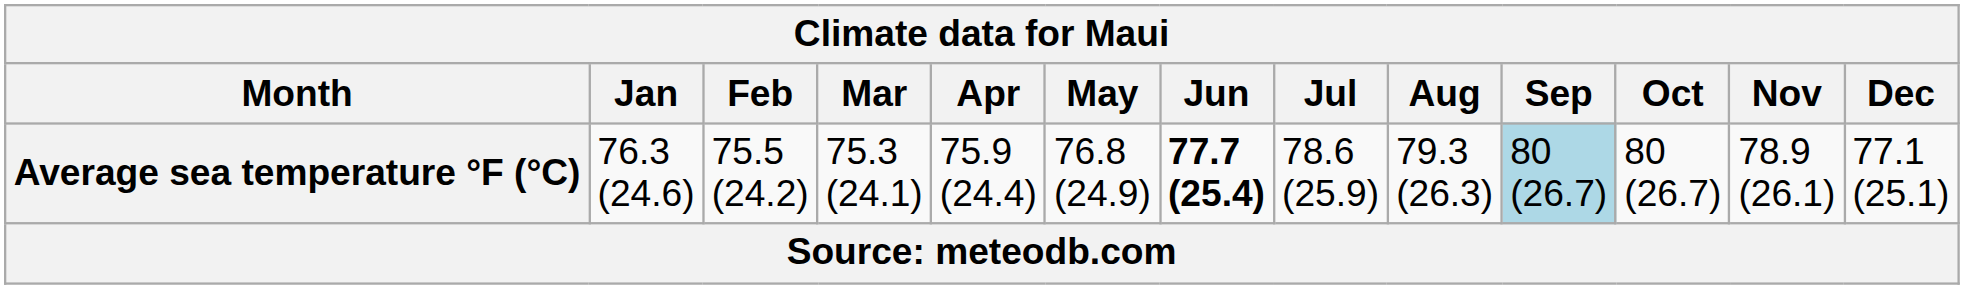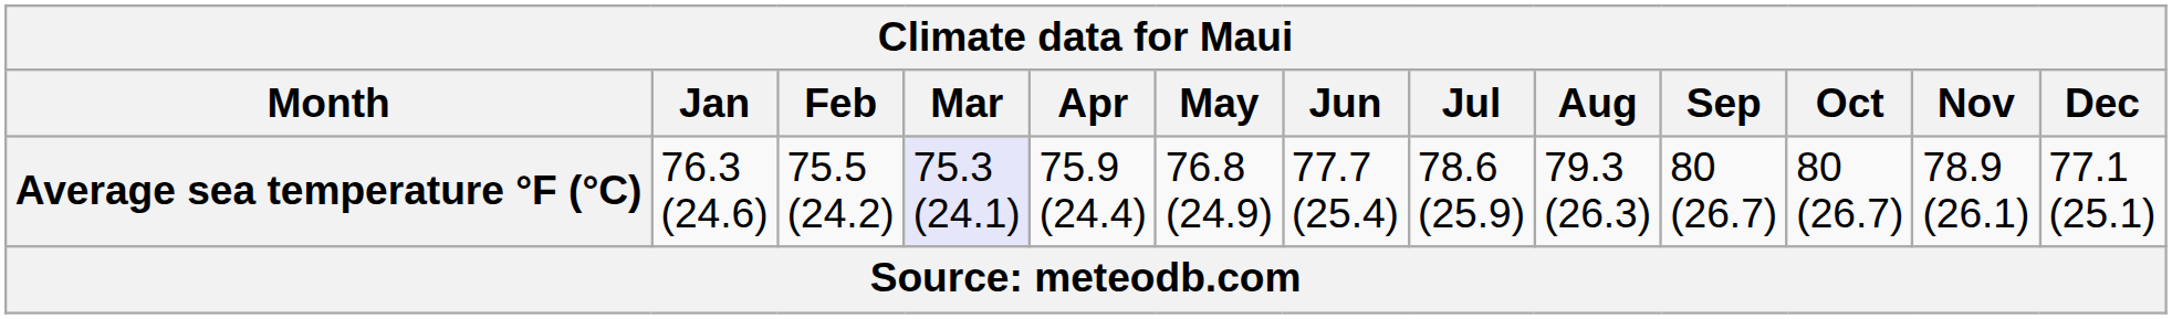 <table class="wikitable mw-collapsible mw-collapsed">
 <tr>
 <th colspan="14">Climate data for Maui</th>
 </tr>
 <tr>
 <th>Month</th>
 <th>Jan</th>
 <th>Feb</th>
 <th>Mar</th>
 <th>Apr</th>
 <th>May</th>
 <th>Jun</th>
 <th>Jul</th>
 <th>Aug</th>
 <th>Sep</th>
 <th>Oct</th>
 <th>Nov</th>
 <th>Dec</th>
 </tr>
 <tr>
 <th>Average sea temperature °F (°C)</th>
 <td>76.3<br>(24.6)</td>
 <td>75.5<br>(24.2)</td>
-<td>75.3<br>(24.1)</td>
+<td style="background: lavender;">75.3<br>(24.1)</td>
 <td>75.9<br>(24.4)</td>
 <td>76.8<br>(24.9)</td>
-<td><strong>77.7<br>(25.4)</strong></td>
+<td>77.7<br>(25.4)</td>
 <td>78.6<br>(25.9)</td>
 <td>79.3<br>(26.3)</td>
-<td style="background: lightblue;">80<br>(26.7)</td>
+<td>80<br>(26.7)</td>
 <td>80<br>(26.7)</td>
 <td>78.9<br>(26.1)</td>
 <td>77.1<br>(25.1)</td>
 </tr>
 <tr>
 <th colspan="14">Source: meteodb.com</th>
 </tr>
 </table>
